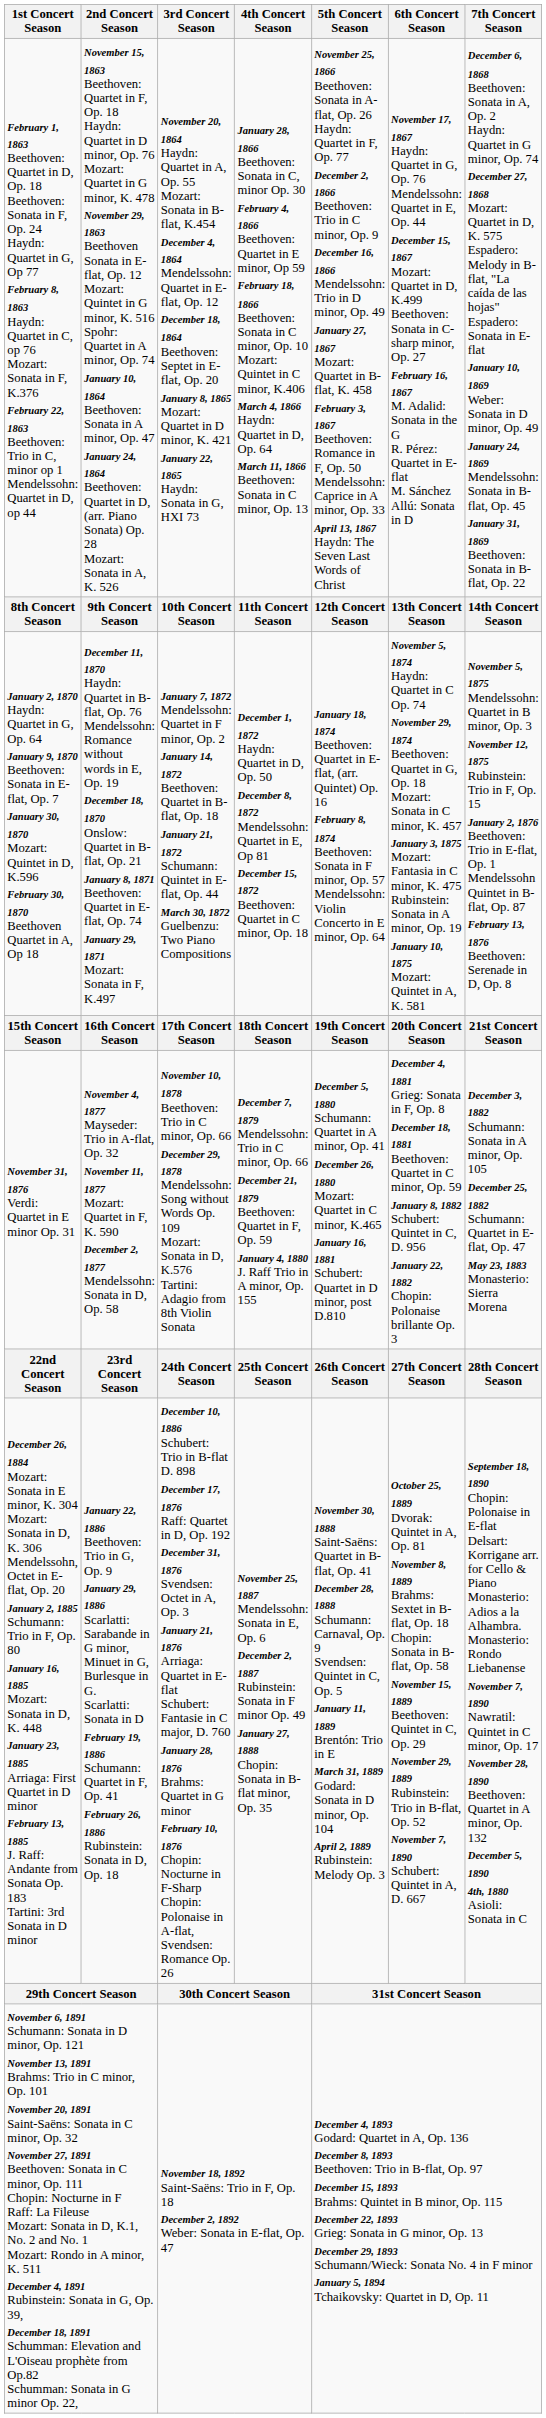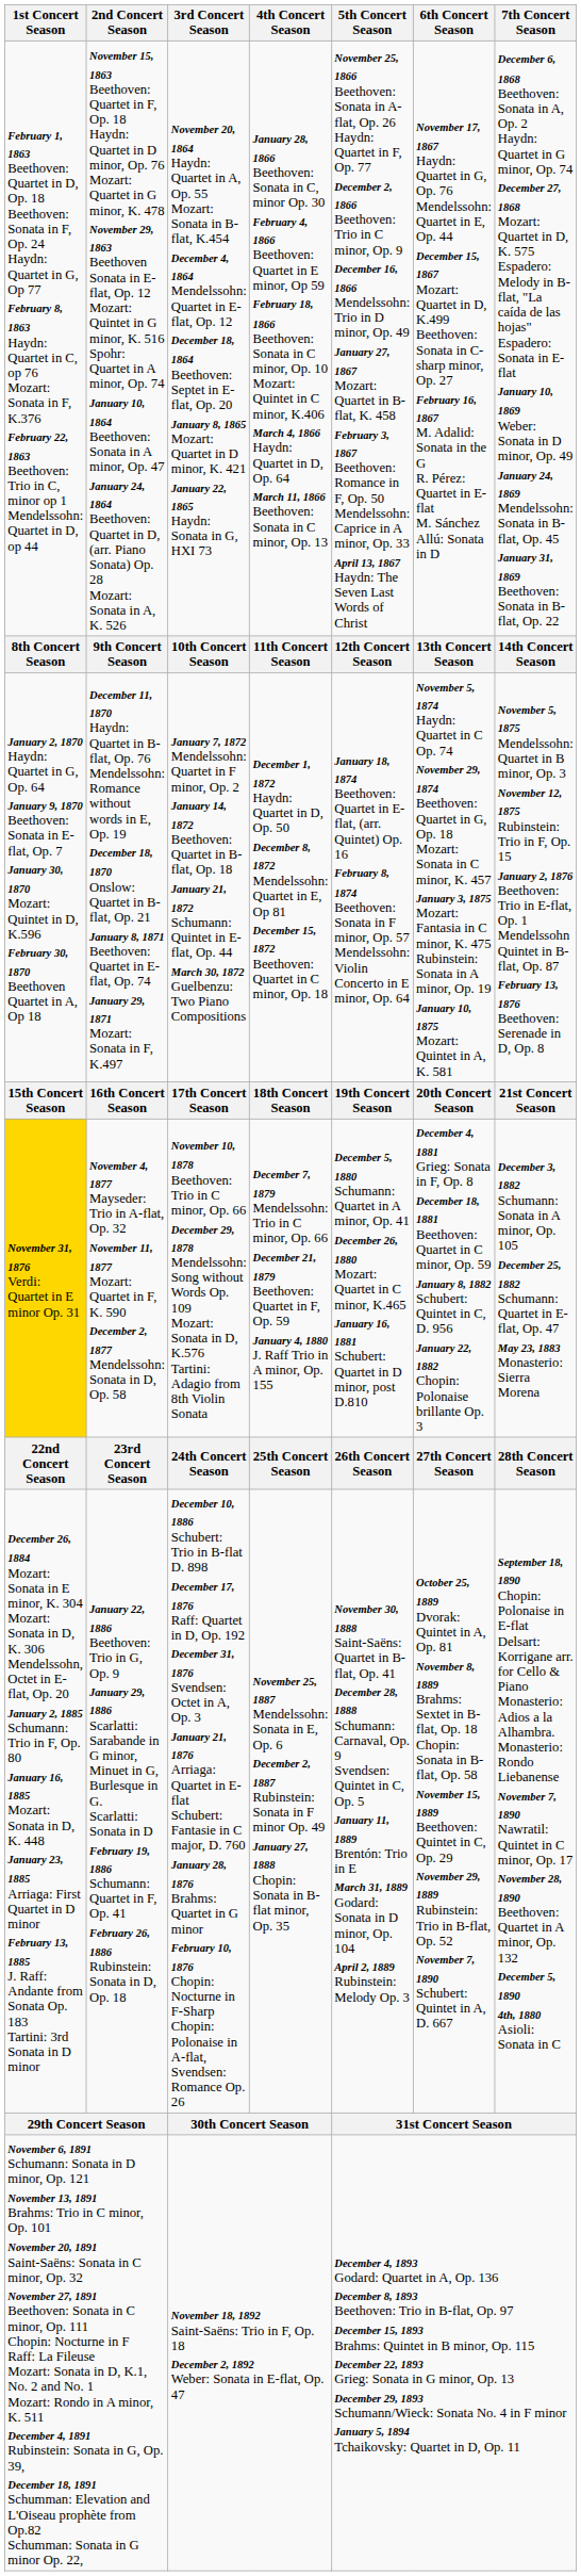 <table class="wikitable sortable mw-collapsible">
 <tr>
 <th>1st Concert Season</th>
 <th>2nd Concert Season</th>
 <th>3rd Concert Season</th>
 <th>4th Concert Season</th>
 <th>5th Concert Season</th>
 <th>6th Concert Season</th>
 <th>7th Concert Season</th>
 </tr>
 <tr>
 <td><sub><strong><em>February 1, 1863</em></strong></sub><br>Beethoven: Quartet in D, Op. 18<br>Beethoven: Sonata in F, Op. 24<br>Haydn: Quartet in G, Op 77<br><sub><strong><em>February 8, 1863</em></strong></sub><br>Haydn: Quartet in C, op 76<br>Mozart: Sonata in F, K.376<br><sub><strong><em>February 22, 1863</em></strong></sub><br>Beethoven: Trio in C, minor op 1<br>Mendelssohn: Quartet in D, op 44</td>
 <td><sub><strong><em>November 15, 1863</em></strong></sub><br>Beethoven: Quartet in F, Op. 18<br>Haydn: Quartet in D minor, Op. 76<br>Mozart: Quartet in G minor, K. 478<br><sub><strong><em>November 29, 1863</em></strong></sub><br>Beethoven Sonata in E-flat, Op. 12<br>Mozart: Quintet in G minor, K. 516<br>Spohr: Quartet in A minor, Op. 74<br><sub><strong><em>January 10, 1864</em></strong></sub><br>Beethoven: Sonata in A minor, Op. 47<br><sub><strong><em>January 24, 1864</em></strong></sub><br>Beethoven: Quartet in D, (arr. Piano Sonata) Op. 28<br>Mozart: Sonata in A, K. 526</td>
 <td><sub><strong><em>November 20, 1864</em></strong></sub><br>Haydn: Quartet in A, Op. 55<br>Mozart: Sonata in B-flat, K.454<br><sub><strong><em>December 4, 1864</em></strong></sub><br>Mendelssohn: Quartet in E-flat, Op. 12<br><sub><strong><em>December 18, 1864</em></strong></sub><br>Beethoven: Septet in E-flat, Op. 20<br><sub><strong><em>January 8, 1865</em></strong></sub><br>Mozart: Quartet in D minor, K. 421<br><sub><strong><em>January 22, 1865</em></strong></sub><br>Haydn: Sonata in G, HXI 73</td>
 <td><sub><strong><em>January 28, 1866</em></strong></sub><br>Beethoven: Sonata in C, minor Op. 30<br><sub><strong><em>February 4, 1866</em></strong></sub><br>Beethoven: Quartet in E minor, Op 59<br><sub><strong><em>February 18, 1866</em></strong></sub><br>Beethoven: Sonata in C minor, Op. 10<br>Mozart: Quintet in C minor, K.406<br><sub><strong><em>March 4, 1866</em></strong></sub><br>Haydn: Quartet in D, Op. 64<br><sub><strong><em>March 11, 1866</em></strong></sub><br>Beethoven: Sonata in C minor, Op. 13</td>
 <td><sub><strong><em>November 25, 1866</em></strong></sub><br>Beethoven: Sonata in A-flat, Op. 26<br>Haydn: Quartet in F, Op. 77<br><sub><strong><em>December 2, 1866</em></strong></sub><br>Beethoven: Trio in C minor, Op. 9<br><sub><strong><em>December 16, 1866</em></strong></sub><br>Mendelssohn: Trio in D minor, Op. 49<br><sub><strong><em>January 27, 1867</em></strong></sub><br>Mozart: Quartet in B-flat, K. 458<br><sub><strong><em>February 3, 1867</em></strong></sub><br>Beethoven: Romance in F, Op. 50<br>Mendelssohn: Caprice in A minor, Op. 33<br><sub><strong><em>April 13, 1867</em></strong></sub><br>Haydn: The Seven Last Words of Christ</td>
 <td><sub><strong><em>November 17, 1867</em></strong></sub><br>Haydn: Quartet in G, Op. 76<br>Mendelssohn: Quartet in E, Op. 44<br><sub><strong><em>December 15, 1867</em></strong></sub><br>Mozart: Quartet in D, K.499<br>Beethoven: Sonata in C-sharp minor, Op. 27<br><sub><strong><em>February 16, 1867</em></strong></sub><br>M. Adalid: Sonata in the G<br>R. Pérez: Quartet in E-flat<br>M. Sánchez Allú: Sonata in D</td>
 <td><sub><strong><em>December 6, 1868</em></strong></sub><br>Beethoven: Sonata in A, Op. 2<br>Haydn: Quartet in G minor, Op. 74<br><sub><strong><em>December 27, 1868</em></strong></sub><br>Mozart: Quartet in D, K. 575<br>Espadero: Melody in B-flat, "La caída de las hojas"<br>Espadero: Sonata in E-flat<br><sub><strong><em>January 10, 1869</em></strong></sub><br>Weber: Sonata in D minor, Op. 49<br><sub><strong><em>January 24, 1869</em></strong></sub><br>Mendelssohn: Sonata in B-flat, Op. 45<br><sub><strong><em>January 31, 1869</em></strong></sub><br>Beethoven: Sonata in B-flat, Op. 22</td>
 </tr>
 <tr>
 <th>8th Concert Season</th>
 <th>9th Concert Season</th>
 <th>10th Concert Season</th>
 <th>11th Concert Season</th>
 <th>12th Concert Season</th>
 <th>13th Concert Season</th>
 <th>14th Concert Season</th>
 </tr>
 <tr>
 <td><sub><strong><em>January 2, 1870</em></strong></sub><br>Haydn: Quartet in G, Op. 64<br><sub><strong><em>January 9, 1870</em></strong></sub><br>Beethoven: Sonata in E-flat, Op. 7<br><sub><strong><em>January 30, 1870</em></strong></sub><br>Mozart: Quintet in D, K.596<br><sub><strong><em>February 30, 1870</em></strong></sub><br>Beethoven Quartet in A, Op 18</td>
 <td><sub><strong><em>December 11, 1870</em></strong></sub><br>Haydn: Quartet in B-flat, Op. 76<br>Mendelssohn: Romance without words in E, Op. 19<br><sub><strong><em>December 18, 1870</em></strong></sub><br>Onslow: Quartet in B-flat, Op. 21<br><sub><strong><em>January 8, 1871</em></strong></sub><br>Beethoven: Quartet in E-flat, Op. 74<br><sub><strong><em>January 29, 1871</em></strong></sub><br>Mozart: Sonata in F, K.497</td>
 <td><sub><strong><em>January 7, 1872</em></strong></sub><br>Mendelssohn: Quartet in F minor, Op. 2<br><sub><strong><em>January 14, 1872</em></strong></sub><br>Beethoven: Quartet in B-flat, Op. 18<br><sub><strong><em>January 21, 1872</em></strong></sub><br>Schumann: Quintet in E-flat, Op. 44<br><sub><strong><em>March 30, 1872</em></strong></sub><br>Guelbenzu: Two Piano Compositions</td>
 <td><sub><strong><em>December 1, 1872</em></strong></sub><br>Haydn: Quartet in D, Op. 50<br><sub><strong><em>December 8, 1872</em></strong></sub><br>Mendelssohn: Quartet in E, Op 81<br><sub><strong><em>December 15, 1872</em></strong></sub><br>Beethoven: Quartet in C minor, Op. 18</td>
 <td><sub><strong><em>January 18, 1874</em></strong></sub><br>Beethoven: Quartet in E-flat, (arr. Quintet) Op. 16<br><sub><strong><em>February 8, 1874</em></strong></sub><br>Beethoven: Sonata in F minor, Op. 57<br>Mendelssohn: Violin Concerto in E minor, Op. 64</td>
 <td><sub><strong><em>November 5, 1874</em></strong></sub><br>Haydn: Quartet in C Op. 74<br><sub><strong><em>November 29, 1874</em></strong></sub><br>Beethoven: Quartet in G, Op. 18<br>Mozart: Sonata in C minor, K. 457<br><sub><strong><em>January 3, 1875</em></strong></sub><br>Mozart: Fantasia in C minor, K. 475<br>Rubinstein: Sonata in A minor, Op. 19<br><sub><strong><em>January 10, 1875</em></strong></sub><br>Mozart: Quintet in A, K. 581</td>
 <td><sub><strong><em>November 5, 1875</em></strong></sub><br>Mendelssohn: Quartet in B minor, Op. 3<br><sub><strong><em>November 12, 1875</em></strong></sub><br>Rubinstein: Trio in F, Op. 15<br><sub><strong><em>January 2, 1876</em></strong></sub><br>Beethoven: Trio in E-flat, Op. 1<br>Mendelssohn Quintet in B-flat, Op. 87<br><sub><strong><em>February 13, 1876</em></strong></sub><br>Beethoven: Serenade in D, Op. 8</td>
 </tr>
 <tr>
 <th>15th Concert Season</th>
 <th>16th Concert Season</th>
 <th>17th Concert Season</th>
 <th>18th Concert Season</th>
 <th>19th Concert Season</th>
 <th>20th Concert Season</th>
 <th>21st Concert Season</th>
 </tr>
 <tr>
-<td><sub><strong><em>November 31, 1876</em></strong></sub><br>Verdi: Quartet in E minor Op. 31</td>
+<td style="background: gold;"><sub><strong><em>November 31, 1876</em></strong></sub><br>Verdi: Quartet in E minor Op. 31</td>
 <td><sub><strong><em>November 4, 1877</em></strong></sub><br>Mayseder: Trio in A-flat, Op. 32<br><sub><strong><em>November 11, 1877</em></strong></sub><br>Mozart: Quartet in F, K. 590<br><sub><strong><em>December 2, 1877</em></strong></sub><br>Mendelssohn: Sonata in D, Op. 58</td>
 <td><sub><strong><em>November 10, 1878</em></strong></sub><br>Beethoven: Trio in C minor, Op. 66<br><sub><strong><em>December 29, 1878</em></strong></sub><br>Mendelssohn: Song without Words Op. 109<br>Mozart: Sonata in D, K.576<br>Tartini: Adagio from 8th Violin Sonata</td>
 <td><sub><strong><em>December 7, 1879</em></strong></sub><br>Mendelssohn: Trio in C minor, Op. 66<br><sub><strong><em>December 21, 1879</em></strong></sub><br>Beethoven: Quartet in F, Op. 59<br><sub><strong><em>January 4, 1880</em></strong></sub><br>J. Raff Trio in A minor, Op. 155</td>
 <td><sub><strong><em>December 5, 1880</em></strong></sub><br>Schumann: Quartet in A minor, Op. 41<br><sub><strong><em>December 26, 1880</em></strong></sub><br>Mozart: Quartet in C minor, K.465<br><sub><strong><em>January 16, 1881</em></strong></sub><br>Schubert: Quartet in D minor, post D.810</td>
 <td><sub><strong><em>December 4, 1881</em></strong></sub><br>Grieg: Sonata in F, Op. 8<br><sub><strong><em>December 18, 1881</em></strong></sub><br>Beethoven: Quartet in C minor, Op. 59<br><sub><strong><em>January 8, 1882</em></strong></sub><br>Schubert: Quintet in C, D. 956<br><sub><strong><em>January 22, 1882</em></strong></sub><br>Chopin: Polonaise brillante Op. 3</td>
 <td><sub><strong><em>December 3, 1882</em></strong></sub><br>Schumann: Sonata in A minor, Op. 105<br><sub><strong><em>December 25, 1882</em></strong></sub><br>Schumann: Quartet in E-flat, Op. 47<br><sub><strong><em>May 23, 1883</em></strong></sub><br>Monasterio: Sierra Morena</td>
 </tr>
 <tr>
 <th>22nd Concert Season</th>
 <th>23rd Concert Season</th>
 <th>24th Concert Season</th>
 <th>25th Concert Season</th>
 <th>26th Concert Season</th>
 <th>27th Concert Season</th>
 <th>28th Concert Season</th>
 </tr>
 <tr>
 <td><sub><strong><em>December 26, 1884</em></strong></sub><br>Mozart: Sonata in E minor, K. 304<br>Mozart: Sonata in D, K. 306<br>Mendelssohn, Octet in E-flat, Op. 20<br><sub><strong><em>January 2, 1885</em></strong></sub><br>Schumann: Trio in F, Op. 80<br><sub><strong><em>January 16, 1885</em></strong></sub><br>Mozart: Sonata in D, K. 448<br><sub><strong><em>January 23, 1885</em></strong></sub><br>Arriaga: First Quartet in D minor<br><sub><strong><em>February 13, 1885</em></strong></sub><br>J. Raff: Andante from Sonata Op. 183<br>Tartini: 3rd Sonata in D minor</td>
 <td><sub><strong><em>January 22, 1886</em></strong></sub><br>Beethoven: Trio in G, Op. 9<br><sub><strong><em>January 29, 1886</em></strong></sub><br>Scarlatti: Sarabande in G minor, Minuet in G, Burlesque in G.<br>Scarlatti: Sonata in D<br><sub><strong><em>February 19, 1886</em></strong></sub><br>Schumann: Quartet in F, Op. 41<br><sub><strong><em>February 26, 1886</em></strong></sub><br>Rubinstein: Sonata in D, Op. 18</td>
 <td><sub><strong><em>December 10, 1886</em></strong></sub><br>Schubert: Trio in B-flat D. 898<br><sub><strong><em>December 17, 1876</em></strong></sub><br>Raff: Quartet in D, Op. 192<br><sub><strong><em>December 31, 1876</em></strong></sub><br>Svendsen: Octet in A, Op. 3<br><sub><strong><em>January 21, 1876</em></strong></sub><br>Arriaga: Quartet in E-flat<br>Schubert: Fantasie in C major, D. 760<br><sub><strong><em>January 28, 1876</em></strong></sub><br>Brahms: Quartet in G minor<br><sub><strong><em>February 10, 1876</em></strong></sub><br>Chopin: Nocturne in F-Sharp<br>Chopin: Polonaise in A-flat,<br>Svendsen: Romance Op. 26</td>
 <td><sub><strong><em>November 25, 1887</em></strong></sub><br>Mendelssohn: Sonata in E, Op. 6<br><sub><strong><em>December 2, 1887</em></strong></sub><br>Rubinstein: Sonata in F minor Op. 49<br><sub><strong><em>January 27, 1888</em></strong></sub><br>Chopin: Sonata in B-flat minor, Op. 35</td>
 <td><sub><strong><em>November 30, 1888</em></strong></sub><br>Saint-Saëns: Quartet in B-flat, Op. 41<br><sub><strong><em>December 28, 1888</em></strong></sub><br>Schumann: Carnaval, Op. 9<br>Svendsen: Quintet in C, Op. 5<br><sub><strong><em>January 11, 1889</em></strong></sub><br>Brentón: Trio in E<br><sub><strong><em>March 31, 1889</em></strong></sub><br>Godard: Sonata in D minor, Op. 104<br><sub><strong><em>April 2, 1889</em></strong></sub><br>Rubinstein: Melody Op. 3</td>
 <td><sub><strong><em>October 25, 1889</em></strong></sub><br>Dvorak: Quintet in A, Op. 81<br><sub><strong><em>November 8, 1889</em></strong></sub><br>Brahms: Sextet in B-flat, Op. 18<br>Chopin: Sonata in B-flat, Op. 58<br><sub><strong><em>November 15, 1889</em></strong></sub><br>Beethoven: Quintet in C, Op. 29<br><sub><strong><em>November 29, 1889</em></strong></sub><br>Rubinstein: Trio in B-flat, Op. 52<br><sub><strong><em>November 7, 1890</em></strong></sub><br>Schubert: Quintet in A, D. 667</td>
 <td><sub><strong><em>September 18, 1890</em></strong></sub><br>Chopin: Polonaise in E-flat<br>Delsart: Korrigane arr. for Cello & Piano<br>Monasterio: Adios a la Alhambra.<br>Monasterio: Rondo Liebanense<br><sub><strong><em>November 7, 1890</em></strong></sub><br>Nawratil: Quintet in C minor, Op. 17<br><sub><strong><em>November 28, 1890</em></strong></sub><br>Beethoven: Quartet in A minor, Op. 132<br><sub><strong><em>December 5, 1890</em></strong></sub><br><sub><strong><em>4th, 1880</em></strong></sub><br>Asioli: Sonata in C</td>
 </tr>
 <tr>
 <th colspan="2">29th Concert Season</th>
 <th colspan="2">30th Concert Season</th>
 <th colspan="3">31st Concert Season</th>
 </tr>
 <tr>
 <td colspan="2"><sub><strong><em>November 6, 1891</em></strong></sub><br>Schumann: Sonata in D minor, Op. 121<br><sub><strong><em>November 13, 1891</em></strong></sub><br>Brahms: Trio in C minor, Op. 101<br><sub><strong><em>November 20, 1891</em></strong></sub><br>Saint-Saëns: Sonata in C minor, Op. 32<br><sub><strong><em>November 27, 1891</em></strong></sub><br>Beethoven: Sonata in C minor, Op. 111<br>Chopin: Nocturne in F<br>Raff: La Fileuse<br>Mozart: Sonata in D, K.1, No. 2 and No. 1<br>Mozart: Rondo in A minor, K. 511<br><sub><strong><em>December 4, 1891</em></strong></sub><br>Rubinstein: Sonata in G, Op. 39,<br><sub><strong><em>December 18, 1891</em></strong></sub><br>Schumman: Elevation and L'Oiseau prophète from Op.82<br>Schumman: Sonata in G minor Op. 22,</td>
 <td colspan="2"><sub><strong><em>November 18, 1892</em></strong></sub><br>Saint-Saëns: Trio in F, Op. 18<br><sub><strong><em>December 2, 1892</em></strong></sub><br>Weber: Sonata in E-flat, Op. 47</td>
 <td colspan="3"><sub><strong><em>December 4, 1893</em></strong></sub><br>Godard: Quartet in A, Op. 136<br><sub><strong><em>December 8, 1893</em></strong></sub><br>Beethoven: Trio in B-flat, Op. 97<br><sub><strong><em>December 15, 1893</em></strong></sub><br>Brahms: Quintet in B minor, Op. 115<br><sub><strong><em>December 22, 1893</em></strong></sub><br>Grieg: Sonata in G minor, Op. 13<br><sub><strong><em>December 29, 1893</em></strong></sub><br>Schumann/Wieck: Sonata No. 4 in F minor<br><sub><strong><em>January 5, 1894</em></strong></sub><br>Tchaikovsky: Quartet in D, Op. 11</td>
 </tr>
 </table>
